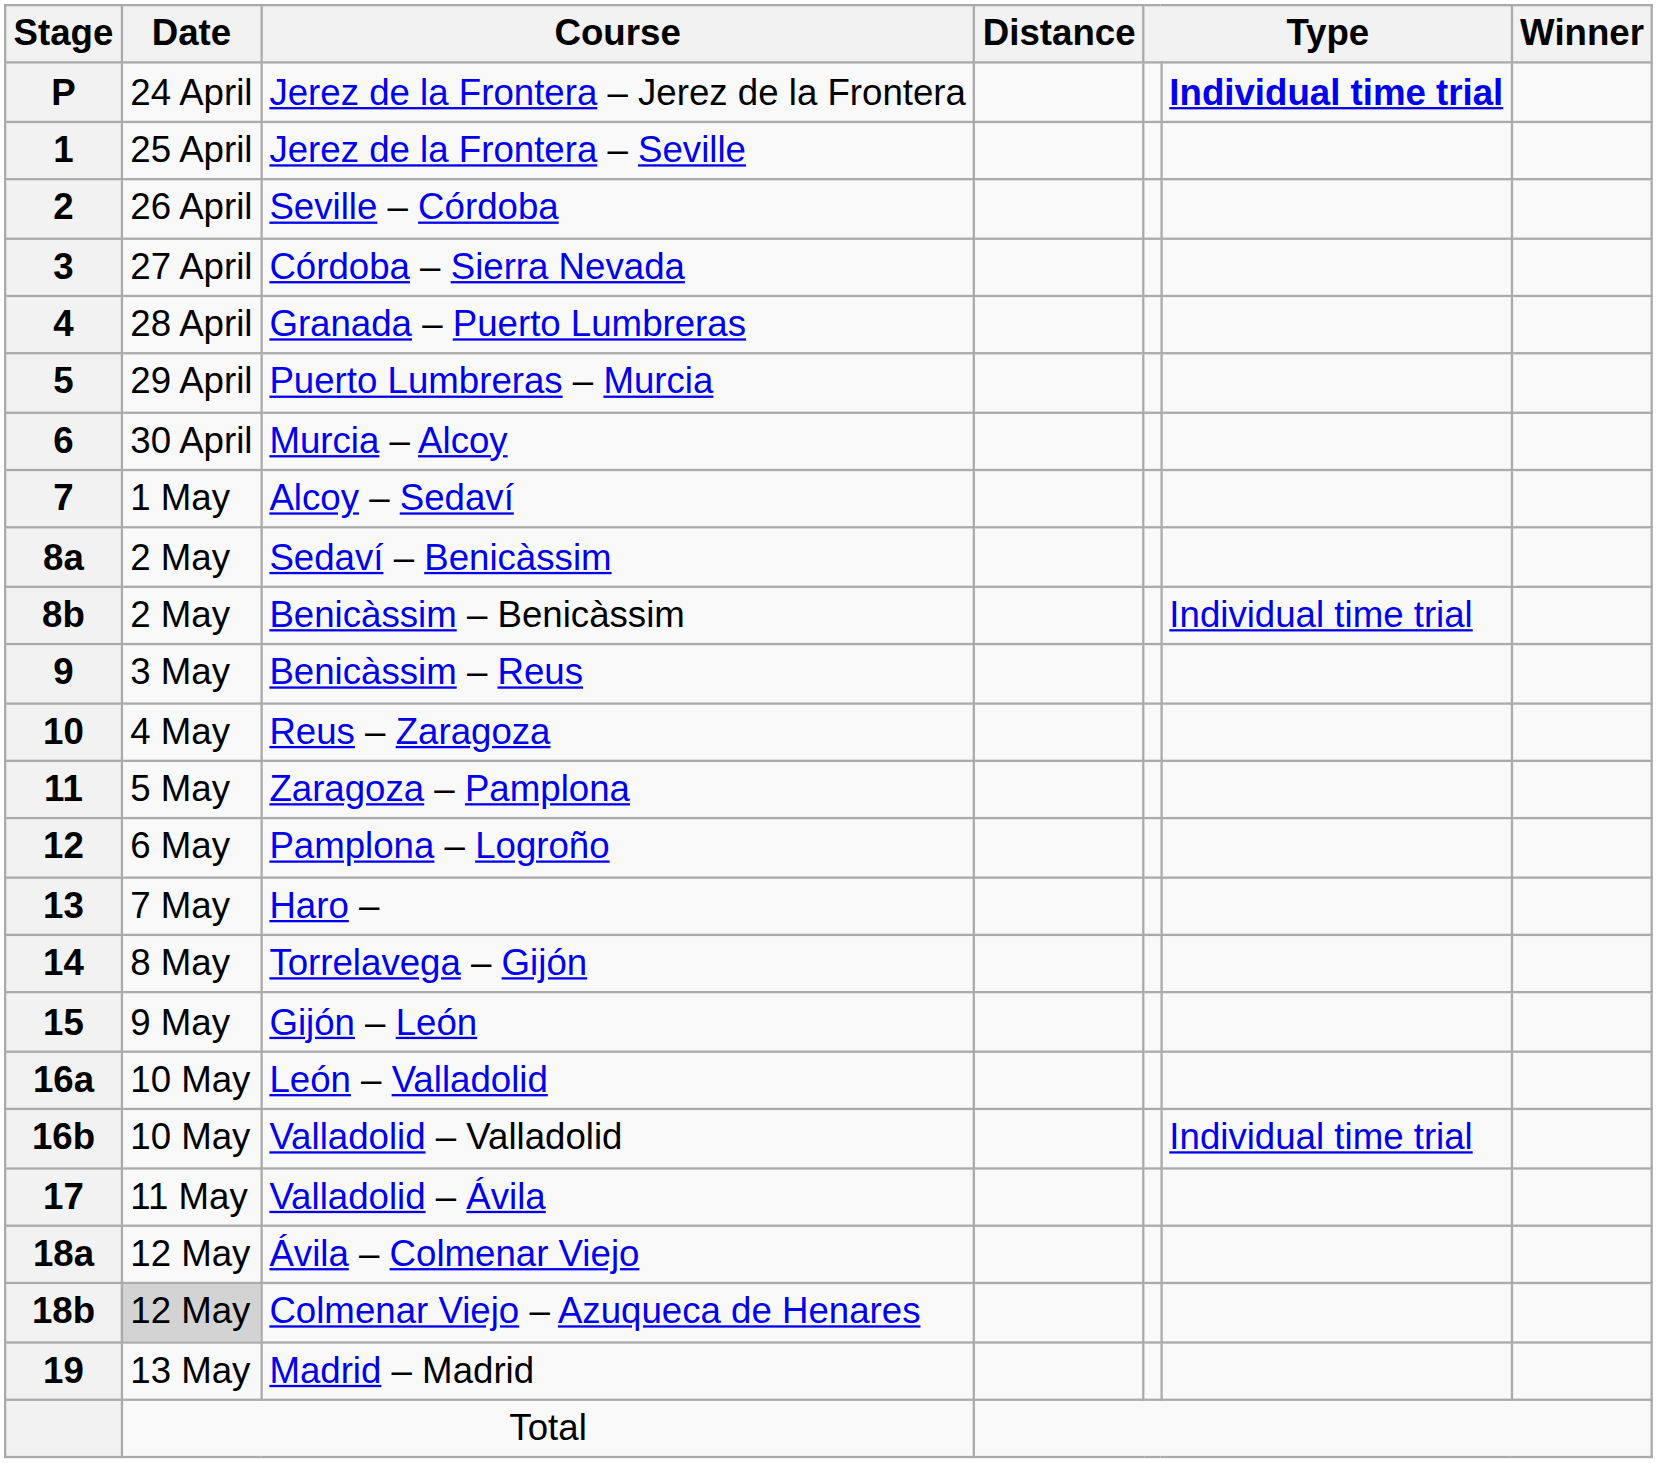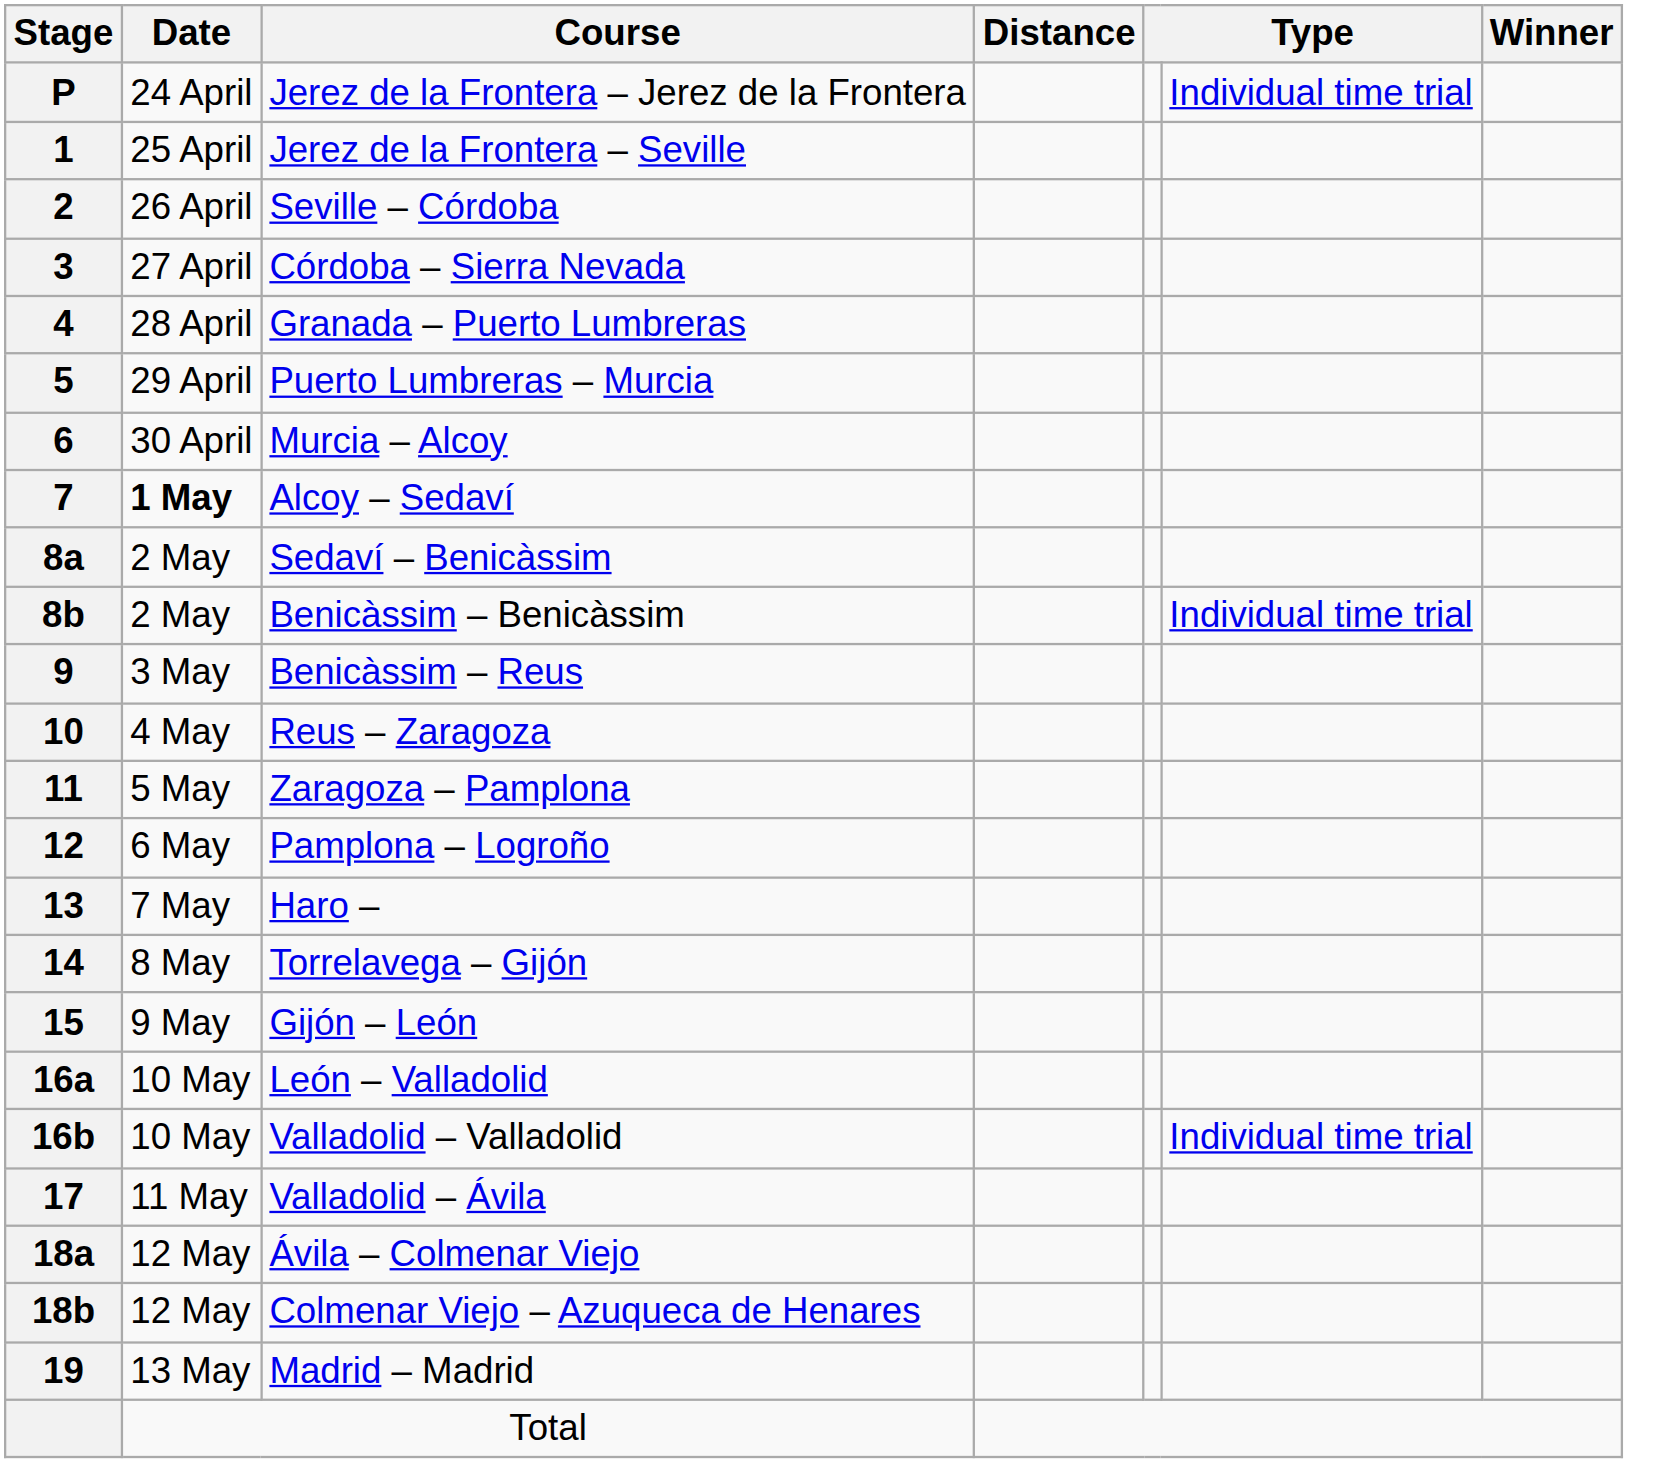 <table class="wikitable">
 <tr>
 <th scope="col">Stage</th>
 <th scope="col">Date</th>
 <th scope="col">Course</th>
 <th scope="col">Distance</th>
 <th scope="col" colspan="2">Type</th>
 <th scope="col">Winner</th>
 </tr>
 <tr>
 <th scope="row">P</th>
 <td>24 April</td>
 <td><a href='#'>Jerez de la Frontera</a> – Jerez de la Frontera</td>
 <td style="text-align:center;"></td>
 <td></td>
-<td><strong><a href='#'>Individual time trial</a></strong></td>
+<td><a href='#'>Individual time trial</a></td>
 <td></td>
 </tr>
 <tr>
 <th scope="row">1</th>
 <td>25 April</td>
 <td><a href='#'>Jerez de la Frontera</a> – <a href='#'>Seville</a></td>
 <td style="text-align:center;"></td>
 <td></td>
 <td></td>
 <td></td>
 </tr>
 <tr>
 <th scope="row">2</th>
 <td>26 April</td>
 <td><a href='#'>Seville</a> – <a href='#'>Córdoba</a></td>
 <td style="text-align:center;"></td>
 <td></td>
 <td></td>
 <td></td>
 </tr>
 <tr>
 <th scope="row">3</th>
 <td>27 April</td>
 <td><a href='#'>Córdoba</a> – <a href='#'>Sierra Nevada</a></td>
 <td style="text-align:center;"></td>
 <td></td>
 <td></td>
 <td></td>
 </tr>
 <tr>
 <th scope="row">4</th>
 <td>28 April</td>
 <td><a href='#'>Granada</a> – <a href='#'>Puerto Lumbreras</a></td>
 <td style="text-align:center;"></td>
 <td></td>
 <td></td>
 <td></td>
 </tr>
 <tr>
 <th scope="row">5</th>
 <td>29 April</td>
 <td><a href='#'>Puerto Lumbreras</a> – <a href='#'>Murcia</a></td>
 <td style="text-align:center;"></td>
 <td></td>
 <td></td>
 <td></td>
 </tr>
 <tr>
 <th scope="row">6</th>
 <td>30 April</td>
 <td><a href='#'>Murcia</a> – <a href='#'>Alcoy</a></td>
 <td style="text-align:center;"></td>
 <td></td>
 <td></td>
 <td></td>
 </tr>
 <tr>
 <th scope="row">7</th>
-<td>1 May</td>
+<td><strong>1 May</strong></td>
 <td><a href='#'>Alcoy</a> – <a href='#'>Sedaví</a></td>
 <td style="text-align:center;"></td>
 <td></td>
 <td></td>
 <td></td>
 </tr>
 <tr>
 <th scope="row">8a</th>
 <td>2 May</td>
 <td><a href='#'>Sedaví</a> – <a href='#'>Benicàssim</a></td>
 <td style="text-align:center;"></td>
 <td></td>
 <td></td>
 <td></td>
 </tr>
 <tr>
 <th scope="row">8b</th>
 <td>2 May</td>
 <td><a href='#'>Benicàssim</a> – Benicàssim</td>
 <td style="text-align:center;"></td>
 <td></td>
 <td><a href='#'>Individual time trial</a></td>
 <td></td>
 </tr>
 <tr>
 <th scope="row">9</th>
 <td>3 May</td>
 <td><a href='#'>Benicàssim</a> – <a href='#'>Reus</a></td>
 <td style="text-align:center;"></td>
 <td></td>
 <td></td>
 <td></td>
 </tr>
 <tr>
 <th scope="row">10</th>
 <td>4 May</td>
 <td><a href='#'>Reus</a> – <a href='#'>Zaragoza</a></td>
 <td style="text-align:center;"></td>
 <td></td>
 <td></td>
 <td></td>
 </tr>
 <tr>
 <th scope="row">11</th>
 <td>5 May</td>
 <td><a href='#'>Zaragoza</a> – <a href='#'>Pamplona</a></td>
 <td style="text-align:center;"></td>
 <td></td>
 <td></td>
 <td></td>
 </tr>
 <tr>
 <th scope="row">12</th>
 <td>6 May</td>
 <td><a href='#'>Pamplona</a> – <a href='#'>Logroño</a></td>
 <td style="text-align:center;"></td>
 <td></td>
 <td></td>
 <td></td>
 </tr>
 <tr>
 <th scope="row">13</th>
 <td>7 May</td>
 <td><a href='#'>Haro</a> – </td>
 <td style="text-align:center;"></td>
 <td></td>
 <td></td>
 <td></td>
 </tr>
 <tr>
 <th scope="row">14</th>
 <td>8 May</td>
 <td><a href='#'>Torrelavega</a> – <a href='#'>Gijón</a></td>
 <td style="text-align:center;"></td>
 <td></td>
 <td></td>
 <td></td>
 </tr>
 <tr>
 <th scope="row">15</th>
 <td>9 May</td>
 <td><a href='#'>Gijón</a> – <a href='#'>León</a></td>
 <td style="text-align:center;"></td>
 <td></td>
 <td></td>
 <td></td>
 </tr>
 <tr>
 <th scope="row">16a</th>
 <td>10 May</td>
 <td><a href='#'>León</a> – <a href='#'>Valladolid</a></td>
 <td style="text-align:center;"></td>
 <td></td>
 <td></td>
 <td></td>
 </tr>
 <tr>
 <th scope="row">16b</th>
 <td>10 May</td>
 <td><a href='#'>Valladolid</a> – Valladolid</td>
 <td style="text-align:center;"></td>
 <td></td>
 <td><a href='#'>Individual time trial</a></td>
 <td></td>
 </tr>
 <tr>
 <th scope="row">17</th>
 <td>11 May</td>
 <td><a href='#'>Valladolid</a> – <a href='#'>Ávila</a></td>
 <td style="text-align:center;"></td>
 <td></td>
 <td></td>
 <td></td>
 </tr>
 <tr>
 <th scope="row">18a</th>
 <td>12 May</td>
 <td><a href='#'>Ávila</a> – <a href='#'>Colmenar Viejo</a></td>
 <td style="text-align:center;"></td>
 <td></td>
 <td></td>
 <td></td>
 </tr>
 <tr>
 <th scope="row">18b</th>
-<td style="background: lightgrey;">12 May</td>
+<td>12 May</td>
 <td><a href='#'>Colmenar Viejo</a> – <a href='#'>Azuqueca de Henares</a></td>
 <td style="text-align:center;"></td>
 <td></td>
 <td></td>
 <td></td>
 </tr>
 <tr>
 <th scope="row">19</th>
 <td>13 May</td>
 <td><a href='#'>Madrid</a> – Madrid</td>
 <td style="text-align:center;"></td>
 <td></td>
 <td></td>
 <td></td>
 </tr>
 <tr>
 <th scope="row"></th>
 <td colspan="2" style="text-align:center">Total</td>
 <td colspan="4" style="text-align:center"></td>
 </tr>
 </table>
